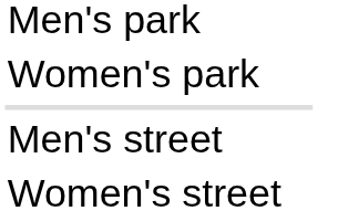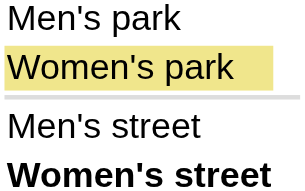 <table>
 <tr>
 <td>Men's park<br></td>
 <td></td>
 <td></td>
 <td></td>
 </tr>
 <tr>
-<td>Women's park<br></td>
+<td style="background: khaki;">Women's park<br></td>
 <td></td>
 <td></td>
 <td></td>
 </tr>
 <tr bgcolor=#ddd>
 <td colspan=5></td>
 </tr>
 <tr>
 <td>Men's street<br></td>
 <td></td>
 <td></td>
 <td></td>
 </tr>
 <tr>
-<td>Women's street<br></td>
+<td><strong>Women's street<br></strong></td>
 <td></td>
 <td></td>
 <td></td>
 </tr>
 </table>
